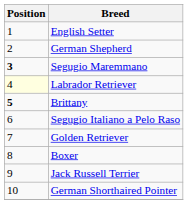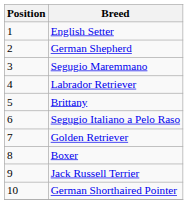 <table class="wikitable sortable">
 <tr>
 <th>Position</th>
 <th>Breed</th>
 </tr>
 <tr>
 <td>1</td>
 <td><a href='#'>English Setter</a></td>
 </tr>
 <tr>
 <td>2</td>
 <td><a href='#'>German Shepherd</a></td>
 </tr>
 <tr>
-<td><strong>3</strong></td>
+<td>3</td>
 <td><a href='#'>Segugio Maremmano</a></td>
 </tr>
 <tr>
-<td style="background: lightyellow;">4</td>
+<td>4</td>
 <td><a href='#'>Labrador Retriever</a></td>
 </tr>
 <tr>
-<td><strong>5</strong></td>
+<td>5</td>
 <td><a href='#'>Brittany</a></td>
 </tr>
 <tr>
 <td>6</td>
 <td><a href='#'>Segugio Italiano a Pelo Raso</a></td>
 </tr>
 <tr>
 <td>7</td>
 <td><a href='#'>Golden Retriever</a></td>
 </tr>
 <tr>
 <td>8</td>
 <td><a href='#'>Boxer</a></td>
 </tr>
 <tr>
 <td>9</td>
 <td><a href='#'>Jack Russell Terrier</a></td>
 </tr>
 <tr>
 <td>10</td>
 <td><a href='#'>German Shorthaired Pointer</a></td>
 </tr>
 <tr>
 </tr>
 </table>
